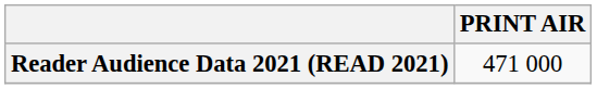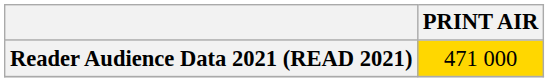 <table class="wikitable sortable" style="text-align:center;">
 <tr>
 <th></th>
 <th>PRINT AIR</th>
 </tr>
 <tr>
 <th scope="row">Reader Audience Data 2021 (READ 2021)</th>
-<td>471 000</td>
+<td style="background: gold;">471 000</td>
 </tr>
 <tr>
 </tr>
 </table>
